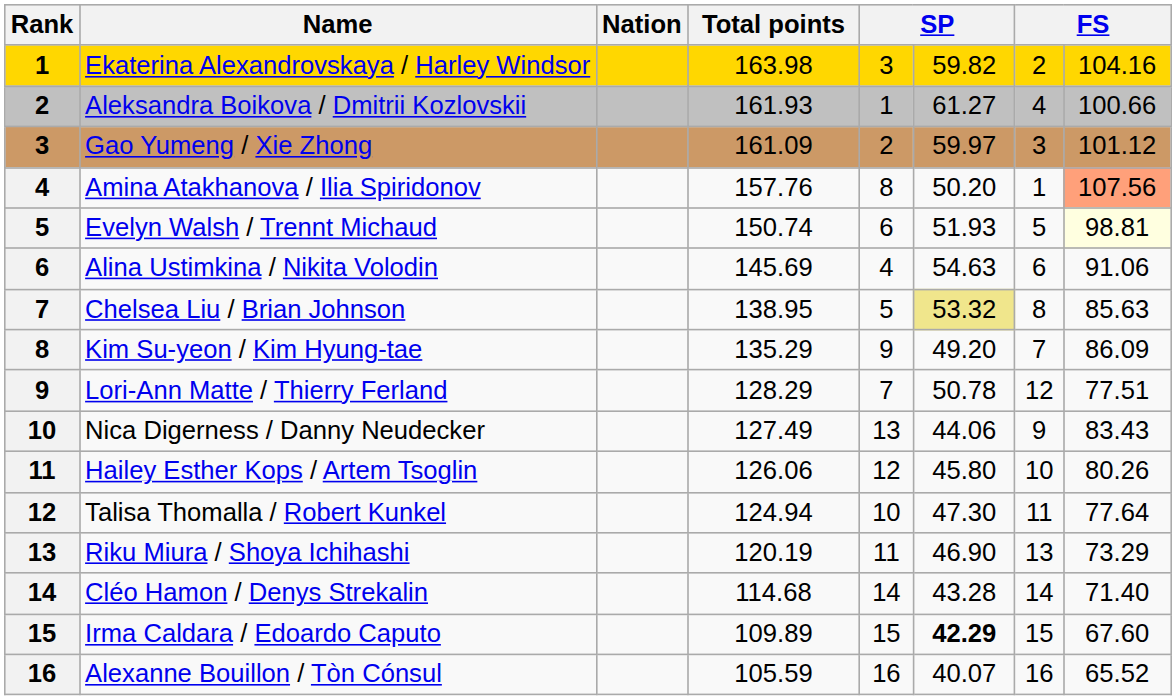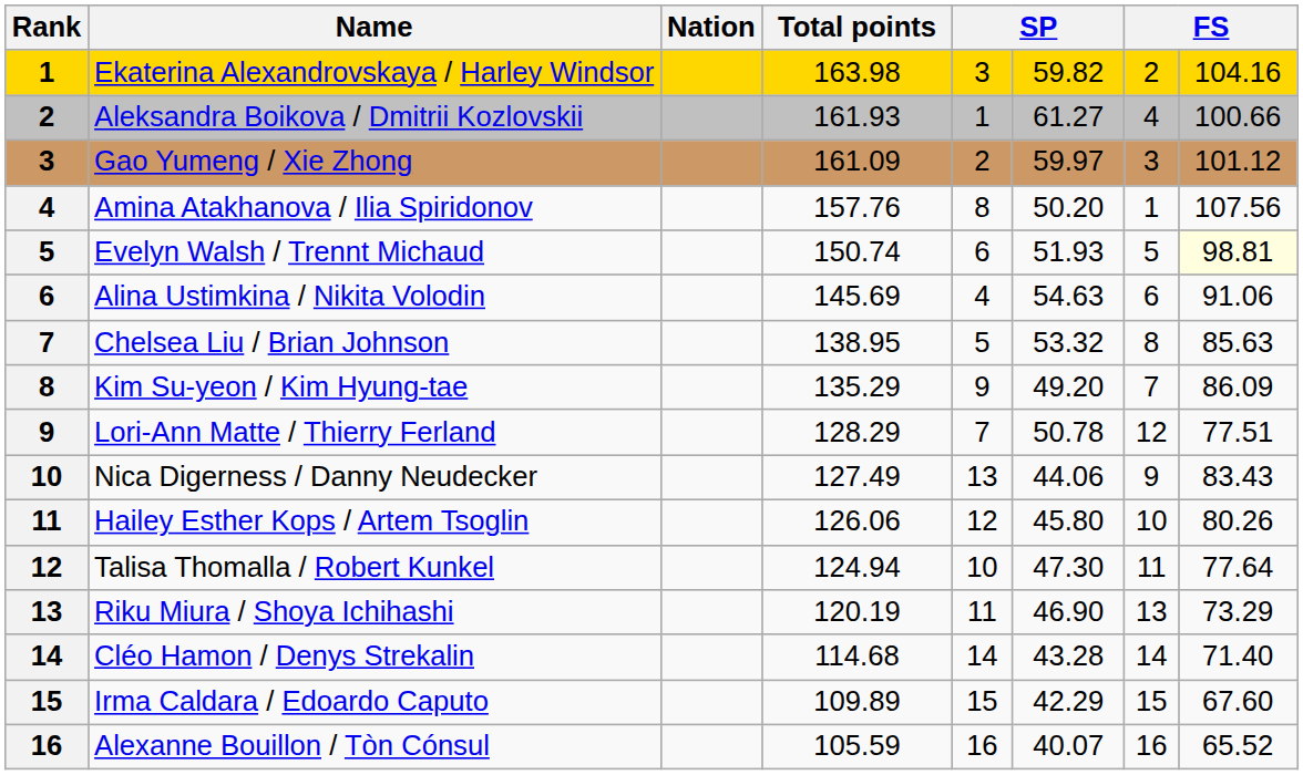 <table class="wikitable sortable">
 <tr>
 <th>Rank</th>
 <th>Name</th>
 <th>Nation</th>
 <th width="100px">Total points</th>
 <th colspan="2" width="90px"><a href='#'>SP</a></th>
 <th colspan="2" width="90px"><a href='#'>FS</a></th>
 </tr>
 <tr bgcolor="gold">
 <td align="center" bgcolor="gold"><strong>1</strong></td>
 <td><a href='#'>Ekaterina Alexandrovskaya</a> / <a href='#'>Harley Windsor</a></td>
 <td></td>
 <td align="center">163.98</td>
 <td align="center">3</td>
 <td align="center">59.82</td>
 <td align="center">2</td>
 <td align="center">104.16</td>
 </tr>
 <tr bgcolor="silver">
 <td align="center" bgcolor="silver"><strong>2</strong></td>
 <td><a href='#'>Aleksandra Boikova</a> / <a href='#'>Dmitrii Kozlovskii</a></td>
 <td></td>
 <td align="center">161.93</td>
 <td align="center">1</td>
 <td align="center">61.27</td>
 <td align="center">4</td>
 <td align="center">100.66</td>
 </tr>
 <tr bgcolor="#cc9966">
 <td align="center" bgcolor="#cc9966"><strong>3</strong></td>
 <td><a href='#'>Gao Yumeng</a> / <a href='#'>Xie Zhong</a></td>
 <td></td>
 <td align="center">161.09</td>
 <td align="center">2</td>
 <td align="center">59.97</td>
 <td align="center">3</td>
 <td align="center">101.12</td>
 </tr>
 <tr>
 <th>4</th>
 <td><a href='#'>Amina Atakhanova</a> / <a href='#'>Ilia Spiridonov</a></td>
 <td></td>
 <td align="center">157.76</td>
 <td align="center">8</td>
 <td align="center">50.20</td>
 <td align="center">1</td>
-<td align="center" style="background: lightsalmon;">107.56</td>
+<td align="center">107.56</td>
 </tr>
 <tr>
 <th>5</th>
 <td><a href='#'>Evelyn Walsh</a> / <a href='#'>Trennt Michaud</a></td>
 <td></td>
 <td align="center">150.74</td>
 <td align="center">6</td>
 <td align="center">51.93</td>
 <td align="center">5</td>
 <td align="center" style="background: lightyellow;">98.81</td>
 </tr>
 <tr>
 <th>6</th>
 <td><a href='#'>Alina Ustimkina</a> / <a href='#'>Nikita Volodin</a></td>
 <td></td>
 <td align="center">145.69</td>
 <td align="center">4</td>
 <td align="center">54.63</td>
 <td align="center">6</td>
 <td align="center">91.06</td>
 </tr>
 <tr>
 <th>7</th>
 <td><a href='#'>Chelsea Liu</a> / <a href='#'>Brian Johnson</a></td>
 <td></td>
 <td align="center">138.95</td>
 <td align="center">5</td>
-<td align="center" style="background: khaki;">53.32</td>
+<td align="center">53.32</td>
 <td align="center">8</td>
 <td align="center">85.63</td>
 </tr>
 <tr>
 <th>8</th>
 <td><a href='#'>Kim Su-yeon</a> / <a href='#'>Kim Hyung-tae</a></td>
 <td></td>
 <td align="center">135.29</td>
 <td align="center">9</td>
 <td align="center">49.20</td>
 <td align="center">7</td>
 <td align="center">86.09</td>
 </tr>
 <tr>
 <th>9</th>
 <td><a href='#'>Lori-Ann Matte</a> / <a href='#'>Thierry Ferland</a></td>
 <td></td>
 <td align="center">128.29</td>
 <td align="center">7</td>
 <td align="center">50.78</td>
 <td align="center">12</td>
 <td align="center">77.51</td>
 </tr>
 <tr>
 <th>10</th>
 <td>Nica Digerness / Danny Neudecker</td>
 <td></td>
 <td align="center">127.49</td>
 <td align="center">13</td>
 <td align="center">44.06</td>
 <td align="center">9</td>
 <td align="center">83.43</td>
 </tr>
 <tr>
 <th>11</th>
 <td><a href='#'>Hailey Esther Kops</a> / <a href='#'>Artem Tsoglin</a></td>
 <td></td>
 <td align="center">126.06</td>
 <td align="center">12</td>
 <td align="center">45.80</td>
 <td align="center">10</td>
 <td align="center">80.26</td>
 </tr>
 <tr>
 <th>12</th>
 <td>Talisa Thomalla / <a href='#'>Robert Kunkel</a></td>
 <td></td>
 <td align="center">124.94</td>
 <td align="center">10</td>
 <td align="center">47.30</td>
 <td align="center">11</td>
 <td align="center">77.64</td>
 </tr>
 <tr>
 <th>13</th>
 <td><a href='#'>Riku Miura</a> / <a href='#'>Shoya Ichihashi</a></td>
 <td></td>
 <td align="center">120.19</td>
 <td align="center">11</td>
 <td align="center">46.90</td>
 <td align="center">13</td>
 <td align="center">73.29</td>
 </tr>
 <tr>
 <th>14</th>
 <td><a href='#'>Cléo Hamon</a> / <a href='#'>Denys Strekalin</a></td>
 <td></td>
 <td align="center">114.68</td>
 <td align="center">14</td>
 <td align="center">43.28</td>
 <td align="center">14</td>
 <td align="center">71.40</td>
 </tr>
 <tr>
 <th>15</th>
 <td><a href='#'>Irma Caldara</a> / <a href='#'>Edoardo Caputo</a></td>
 <td></td>
 <td align="center">109.89</td>
 <td align="center">15</td>
-<td align="center"><strong>42.29</strong></td>
+<td align="center">42.29</td>
 <td align="center">15</td>
 <td align="center">67.60</td>
 </tr>
 <tr>
 <th>16</th>
 <td><a href='#'>Alexanne Bouillon</a> / <a href='#'>Tòn Cónsul</a></td>
 <td></td>
 <td align="center">105.59</td>
 <td align="center">16</td>
 <td align="center">40.07</td>
 <td align="center">16</td>
 <td align="center">65.52</td>
 </tr>
 </table>
